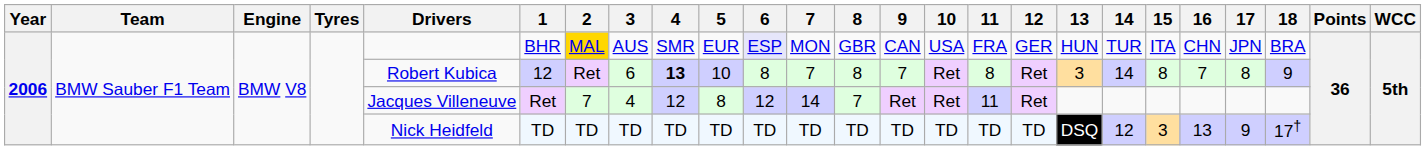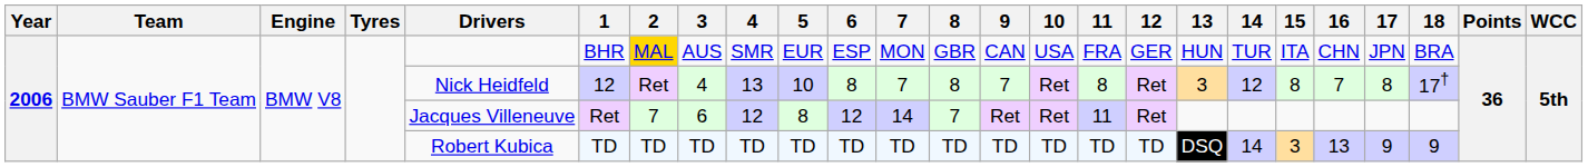 <table class="wikitable" style="text-align:center; font-size:95%">
 <tr>
 <th>Year</th>
 <th>Team</th>
 <th>Engine</th>
 <th>Tyres</th>
 <th>Drivers</th>
 <th>1</th>
 <th>2</th>
 <th>3</th>
 <th>4</th>
 <th>5</th>
 <th>6</th>
 <th>7</th>
 <th>8</th>
 <th>9</th>
 <th>10</th>
 <th>11</th>
 <th>12</th>
 <th>13</th>
 <th>14</th>
 <th>15</th>
 <th>16</th>
 <th>17</th>
 <th>18</th>
 <th>Points</th>
 <th>WCC</th>
 </tr>
 <tr>
 <th rowspan="4"><a href='#'>2006</a></th>
 <td rowspan="4"><a href='#'>BMW Sauber F1 Team</a></td>
 <td rowspan="4"><a href='#'>BMW</a> <a href='#'>V8</a></td>
 <td rowspan="4"></td>
 <td></td>
 <td><a href='#'>BHR</a></td>
 <td style="background: gold;"><a href='#'>MAL</a></td>
 <td><a href='#'>AUS</a></td>
 <td><a href='#'>SMR</a></td>
 <td><a href='#'>EUR</a></td>
-<td style="background: lavender;"><a href='#'>ESP</a></td>
+<td><a href='#'>ESP</a></td>
 <td><a href='#'>MON</a></td>
 <td><a href='#'>GBR</a></td>
 <td><a href='#'>CAN</a></td>
 <td><a href='#'>USA</a></td>
 <td><a href='#'>FRA</a></td>
 <td><a href='#'>GER</a></td>
 <td><a href='#'>HUN</a></td>
 <td><a href='#'>TUR</a></td>
 <td><a href='#'>ITA</a></td>
 <td><a href='#'>CHN</a></td>
 <td><a href='#'>JPN</a></td>
 <td><a href='#'>BRA</a></td>
 <th rowspan="4">36</th>
 <th rowspan="4">5th</th>
 </tr>
 <tr>
-<td> <a href='#'>Robert Kubica</a></td>
+<td> <a href='#'>Nick Heidfeld</a></td>
 <td style="background-color:#CFCFFF">12</td>
 <td style="background-color:#EFCFFF">Ret</td>
-<td style="background-color:#DFFFDF">6</td>
-<td style="background-color:#CFCFFF"><strong>13</strong></td>
+<td style="background-color:#DFFFDF">4</td>
+<td style="background-color:#CFCFFF">13</td>
 <td style="background-color:#CFCFFF">10</td>
 <td style="background-color:#DFFFDF">8</td>
 <td style="background-color:#DFFFDF">7</td>
 <td style="background-color:#DFFFDF">8</td>
 <td style="background-color:#DFFFDF">7</td>
 <td style="background-color:#EFCFFF">Ret</td>
 <td style="background-color:#DFFFDF">8</td>
 <td style="background-color:#EFCFFF">Ret</td>
 <td style="background-color:#FFDF9F">3</td>
-<td style="background-color:#CFCFFF">14</td>
+<td style="background-color:#CFCFFF">12</td>
 <td style="background-color:#DFFFDF">8</td>
 <td style="background-color:#DFFFDF">7</td>
 <td style="background-color:#DFFFDF">8</td>
-<td style="background-color:#CFCFFF">9</td>
+<td style="background-color:#CFCFFF">17<sup>†</sup></td>
 </tr>
 <tr>
 <td> <a href='#'>Jacques Villeneuve</a></td>
 <td style="background-color:#EFCFFF">Ret</td>
 <td style="background-color:#DFFFDF">7</td>
-<td style="background-color:#DFFFDF">4</td>
+<td style="background-color:#DFFFDF">6</td>
 <td style="background-color:#CFCFFF">12</td>
 <td style="background-color:#DFFFDF">8</td>
 <td style="background-color:#CFCFFF">12</td>
 <td style="background-color:#CFCFFF">14</td>
 <td style="background-color:#DFFFDF">7</td>
 <td style="background-color:#EFCFFF">Ret</td>
 <td style="background-color:#EFCFFF">Ret</td>
 <td style="background-color:#CFCFFF">11</td>
 <td style="background-color:#EFCFFF">Ret</td>
 <td></td>
 <td></td>
 <td></td>
 <td></td>
 <td></td>
 <td></td>
 </tr>
 <tr>
-<td> <a href='#'>Nick Heidfeld</a></td>
+<td> <a href='#'>Robert Kubica</a></td>
 <td style="background-color:#F0F8FF">TD</td>
 <td style="background-color:#F0F8FF">TD</td>
 <td style="background-color:#F0F8FF">TD</td>
 <td style="background-color:#F0F8FF">TD</td>
 <td style="background-color:#F0F8FF">TD</td>
 <td style="background-color:#F0F8FF">TD</td>
 <td style="background-color:#F0F8FF">TD</td>
 <td style="background-color:#F0F8FF">TD</td>
 <td style="background-color:#F0F8FF">TD</td>
 <td style="background-color:#F0F8FF">TD</td>
 <td style="background-color:#F0F8FF">TD</td>
 <td style="background-color:#F0F8FF">TD</td>
 <td style="background:#000000; color:white">DSQ</td>
-<td style="background-color:#CFCFFF">12</td>
+<td style="background-color:#CFCFFF">14</td>
 <td style="background-color:#FFDF9F">3</td>
 <td style="background-color:#CFCFFF">13</td>
 <td style="background-color:#CFCFFF">9</td>
-<td style="background-color:#CFCFFF">17<sup>†</sup></td>
+<td style="background-color:#CFCFFF">9</td>
 </tr>
 </table>
